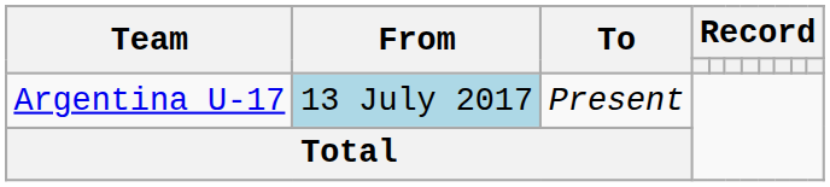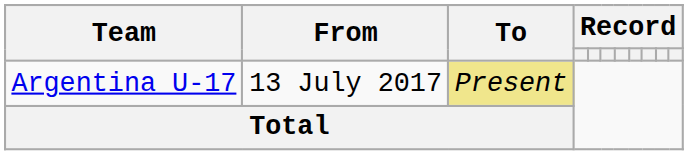 <table class="wikitable" tyle="text-align: center">
 <tr>
 <th rowspan="2">Team</th>
 <th rowspan="2">From</th>
 <th rowspan="2">To</th>
 <th colspan="8">Record</th>
 </tr>
 <tr>
 <th></th>
 <th></th>
 <th></th>
 <th></th>
 <th></th>
 <th></th>
 <th></th>
 <th></th>
 </tr>
 <tr>
 <td align="left"><a href='#'>Argentina U-17</a></td>
-<td align="left" style="background: lightblue;">13 July 2017</td>
-<td align="left"><em> Present </em><br></td>
+<td align="left">13 July 2017</td>
+<td align="left" style="background: khaki;"><em> Present </em><br></td>
 </tr>
 <tr>
 <th colspan="3">Total<br></th>
 </tr>
 </table>
